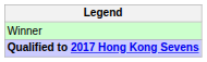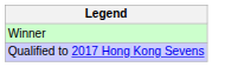 <table class="wikitable">
 <tr>
 <th>Legend</th>
 </tr>
 <tr bgcolor=ccffcc>
 <td>Winner</td>
 </tr>
 <tr bgcolor=ccccff>
-<td><strong>Qualified to <a href='#'>2017 Hong Kong Sevens</a></strong></td>
+<td>Qualified to <a href='#'>2017 Hong Kong Sevens</a></td>
 </tr>
 </table>
